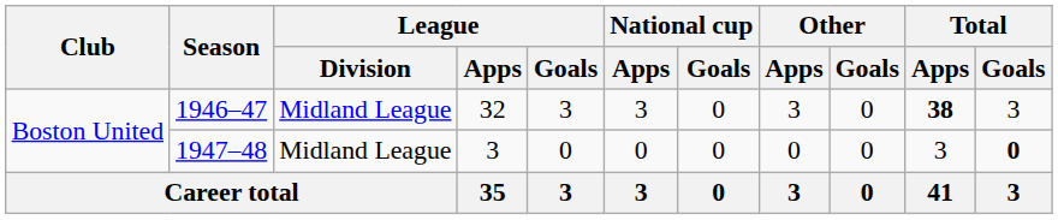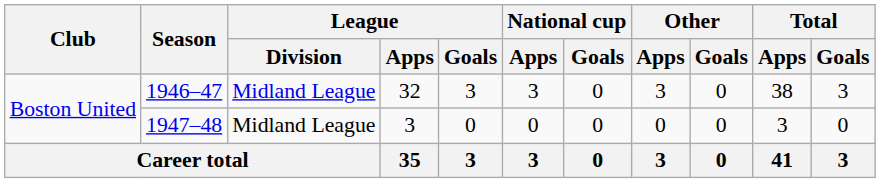 <table class="wikitable" style="text-align:center">
 <tr>
 <th rowspan="2">Club</th>
 <th rowspan="2">Season</th>
 <th colspan="3">League</th>
 <th colspan="2">National cup</th>
 <th colspan="2">Other</th>
 <th colspan="2">Total</th>
 </tr>
 <tr>
 <th>Division</th>
 <th>Apps</th>
 <th>Goals</th>
 <th>Apps</th>
 <th>Goals</th>
 <th>Apps</th>
 <th>Goals</th>
 <th>Apps</th>
 <th>Goals</th>
 </tr>
 <tr>
 <td rowspan="2"><a href='#'>Boston United</a></td>
 <td><a href='#'>1946–47</a></td>
 <td><a href='#'>Midland League</a></td>
 <td>32</td>
 <td>3</td>
 <td>3</td>
 <td>0</td>
 <td>3</td>
 <td>0</td>
-<td><strong>38</strong></td>
+<td>38</td>
 <td>3</td>
 </tr>
 <tr>
 <td><a href='#'>1947–48</a></td>
 <td>Midland League</td>
 <td>3</td>
 <td>0</td>
 <td>0</td>
 <td>0</td>
 <td>0</td>
 <td>0</td>
 <td>3</td>
-<td><strong>0</strong></td>
+<td>0</td>
 </tr>
 <tr>
 <th colspan="3">Career total</th>
 <th>35</th>
 <th>3</th>
 <th>3</th>
 <th>0</th>
 <th>3</th>
 <th>0</th>
 <th>41</th>
 <th>3</th>
 </tr>
 </table>
